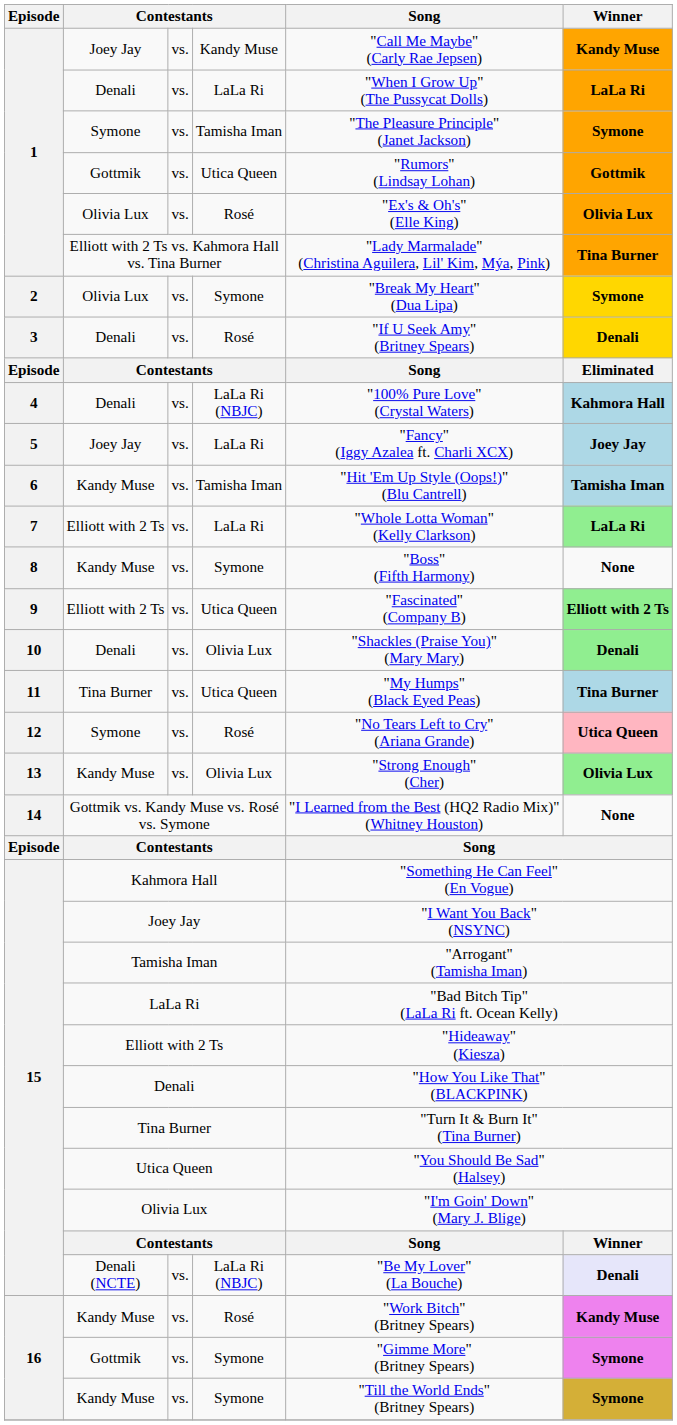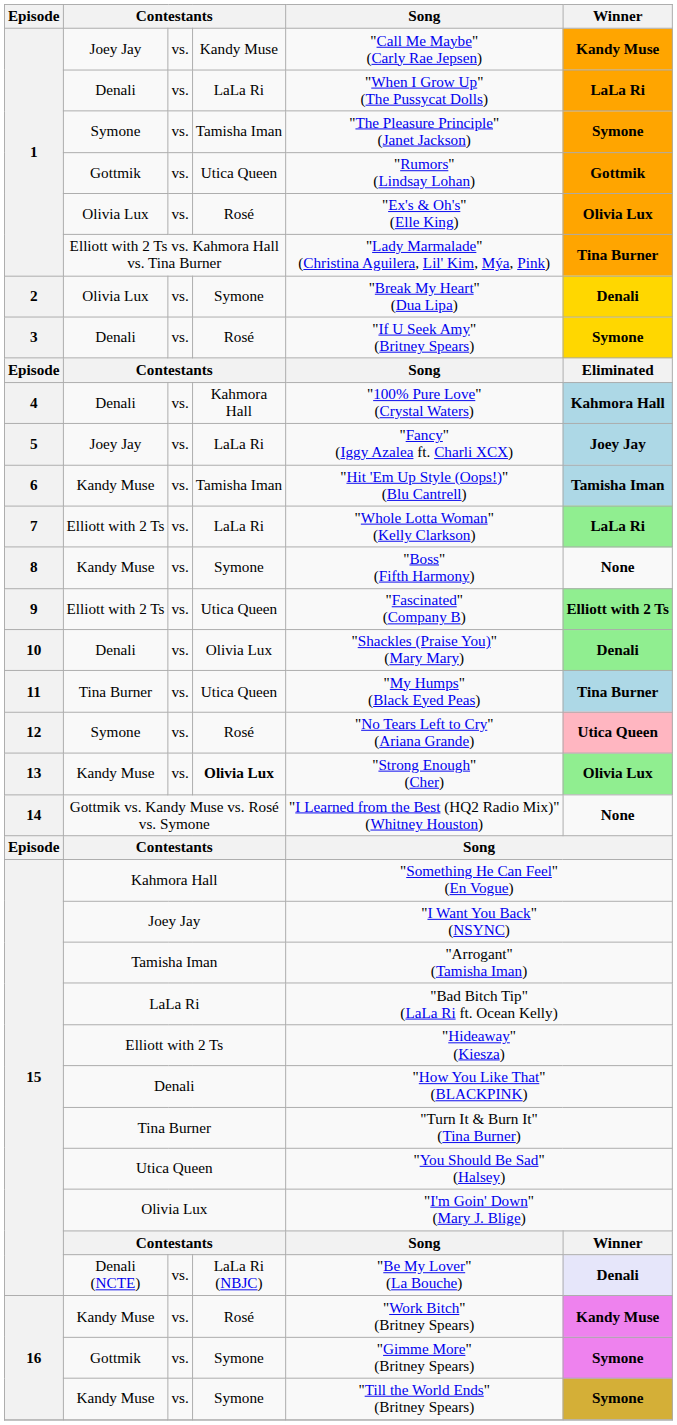 <table class="wikitable" style="text-align:center">
 <tr>
 <th scope="col">Episode</th>
 <th scope="col" colspan="3">Contestants</th>
 <th scope="col">Song</th>
 <th scope="col">Winner</th>
 </tr>
 <tr>
 <th scope="row" rowspan="6">1</th>
 <td>Joey Jay</td>
 <td>vs.</td>
 <td>Kandy Muse</td>
 <td>"<a href='#'>Call Me Maybe</a>"<br>(<a href='#'>Carly Rae Jepsen</a>)</td>
 <td bgcolor="orange"><strong>Kandy Muse</strong></td>
 </tr>
 <tr>
 <td>Denali</td>
 <td>vs.</td>
 <td>LaLa Ri</td>
 <td>"<a href='#'>When I Grow Up</a>"<br>(<a href='#'>The Pussycat Dolls</a>)</td>
 <td bgcolor="orange"><strong>LaLa Ri</strong></td>
 </tr>
 <tr>
 <td>Symone</td>
 <td>vs.</td>
 <td nowrap>Tamisha Iman</td>
 <td>"<a href='#'>The Pleasure Principle</a>"<br>(<a href='#'>Janet Jackson</a>)</td>
 <td bgcolor="orange"><strong>Symone</strong></td>
 </tr>
 <tr>
 <td>Gottmik</td>
 <td>vs.</td>
 <td>Utica Queen</td>
 <td>"<a href='#'>Rumors</a>"<br>(<a href='#'>Lindsay Lohan</a>)</td>
 <td bgcolor="orange"><strong>Gottmik</strong></td>
 </tr>
 <tr>
 <td>Olivia Lux</td>
 <td>vs.</td>
 <td>Rosé</td>
 <td>"<a href='#'>Ex's & Oh's</a>"<br>(<a href='#'>Elle King</a>)</td>
 <td bgcolor="orange"><strong>Olivia Lux</strong></td>
 </tr>
 <tr>
 <td colspan="3">Elliott with 2 Ts vs. Kahmora Hall vs. Tina Burner</td>
 <td nowrap>"<a href='#'>Lady Marmalade</a>"<br>(<a href='#'>Christina Aguilera</a>, <a href='#'>Lil' Kim</a>, <a href='#'>Mýa</a>, <a href='#'>Pink</a>)</td>
 <td bgcolor="orange"><strong>Tina Burner</strong></td>
 </tr>
 <tr>
 <th scope="row">2</th>
 <td>Olivia Lux</td>
 <td>vs.</td>
 <td>Symone</td>
 <td>"<a href='#'>Break My Heart</a>"<br>(<a href='#'>Dua Lipa</a>)</td>
-<td bgcolor="gold"><strong>Symone</strong></td>
+<td bgcolor="gold"><strong>Denali</strong></td>
 </tr>
 <tr>
 <th scope="row">3</th>
 <td>Denali</td>
 <td>vs.</td>
 <td>Rosé</td>
 <td>"<a href='#'>If U Seek Amy</a>"<br>(<a href='#'>Britney Spears</a>)</td>
-<td bgcolor="gold"><strong>Denali</strong></td>
+<td bgcolor="gold"><strong>Symone</strong></td>
 </tr>
 <tr>
 <th scope="col">Episode</th>
 <th scope="col" colspan="3">Contestants</th>
 <th scope="col">Song</th>
 <th scope="col">Eliminated</th>
 </tr>
 <tr>
 <th scope="row">4</th>
 <td>Denali</td>
 <td>vs.</td>
-<td>LaLa Ri<br>(<a href='#'>NBJC</a>)</td>
+<td>Kahmora Hall</td>
 <td>"<a href='#'>100% Pure Love</a>"<br>(<a href='#'>Crystal Waters</a>)</td>
 <td bgcolor="lightblue"><strong>Kahmora Hall</strong></td>
 </tr>
 <tr>
 <th scope="row">5</th>
 <td>Joey Jay</td>
 <td>vs.</td>
 <td>LaLa Ri</td>
 <td>"<a href='#'>Fancy</a>"<br>(<a href='#'>Iggy Azalea</a> ft. <a href='#'>Charli XCX</a>)</td>
 <td bgcolor="lightblue"><strong>Joey Jay</strong></td>
 </tr>
 <tr>
 <th scope="row">6</th>
 <td>Kandy Muse</td>
 <td>vs.</td>
 <td>Tamisha Iman</td>
 <td>"<a href='#'>Hit 'Em Up Style (Oops!)</a>"<br>(<a href='#'>Blu Cantrell</a>)</td>
 <td bgcolor="lightblue"><strong>Tamisha Iman</strong></td>
 </tr>
 <tr>
 <th scope="row">7</th>
 <td nowrap>Elliott with 2 Ts</td>
 <td>vs.</td>
 <td>LaLa Ri</td>
 <td>"<a href='#'>Whole Lotta Woman</a>"<br>(<a href='#'>Kelly Clarkson</a>)</td>
 <td bgcolor="lightgreen"><strong>LaLa Ri</strong></td>
 </tr>
 <tr>
 <th scope="row">8</th>
 <td>Kandy Muse</td>
 <td>vs.</td>
 <td>Symone</td>
 <td>"<a href='#'>Boss</a>"<br>(<a href='#'>Fifth Harmony</a>)</td>
 <td><strong>None</strong></td>
 </tr>
 <tr>
 <th scope="row">9</th>
 <td>Elliott with 2 Ts</td>
 <td>vs.</td>
 <td>Utica Queen</td>
 <td>"<a href='#'>Fascinated</a>" <br>(<a href='#'>Company B</a>)</td>
 <td nowrap bgcolor="lightgreen"><strong>Elliott with 2 Ts</strong></td>
 </tr>
 <tr>
 <th scope="row">10</th>
 <td>Denali</td>
 <td>vs.</td>
 <td>Olivia Lux</td>
 <td>"<a href='#'>Shackles (Praise You)</a>"<br>(<a href='#'>Mary Mary</a>)</td>
 <td bgcolor="lightgreen"><strong>Denali</strong></td>
 </tr>
 <tr>
 <th scope="row">11</th>
 <td>Tina Burner</td>
 <td>vs.</td>
 <td>Utica Queen</td>
 <td>"<a href='#'>My Humps</a>"<br>(<a href='#'>Black Eyed Peas</a>)</td>
 <td bgcolor="lightblue"><strong>Tina Burner</strong></td>
 </tr>
 <tr>
 <th scope="row">12</th>
 <td>Symone</td>
 <td>vs.</td>
 <td>Rosé</td>
 <td>"<a href='#'>No Tears Left to Cry</a>"<br>(<a href='#'>Ariana Grande</a>)</td>
 <td bgcolor="lightpink"><strong>Utica Queen</strong></td>
 </tr>
 <tr>
 <th scope="row">13</th>
 <td>Kandy Muse</td>
 <td>vs.</td>
-<td>Olivia Lux</td>
+<td><strong>Olivia Lux</strong></td>
 <td>"<a href='#'>Strong Enough</a>"<br>(<a href='#'>Cher</a>)</td>
 <td bgcolor="lightgreen"><strong>Olivia Lux</strong></td>
 </tr>
 <tr>
 <th scope="row">14</th>
 <td colspan="3">Gottmik vs. Kandy Muse vs. Rosé vs. Symone</td>
 <td nowrap>"<a href='#'>I Learned from the Best</a> (HQ2 Radio Mix)"<br>(<a href='#'>Whitney Houston</a>)</td>
 <td><strong>None</strong></td>
 </tr>
 <tr>
 <th scope="col">Episode</th>
 <th scope="col" colspan="3">Contestants</th>
 <th scope="col" colspan="2">Song</th>
 </tr>
 <tr>
 <th scope="row" rowspan="11">15</th>
 <td colspan="3">Kahmora Hall</td>
 <td colspan="2">"<a href='#'>Something He Can Feel</a>"<br>(<a href='#'>En Vogue</a>)</td>
 </tr>
 <tr>
 <td colspan="3">Joey Jay</td>
 <td colspan="2">"<a href='#'>I Want You Back</a>"<br>(<a href='#'>NSYNC</a>)</td>
 </tr>
 <tr>
 <td colspan="3">Tamisha Iman</td>
 <td colspan="2">"Arrogant"<br>(<a href='#'>Tamisha Iman</a>)</td>
 </tr>
 <tr>
 <td colspan="3">LaLa Ri</td>
 <td colspan="2">"Bad Bitch Tip"<br>(<a href='#'>LaLa Ri</a> ft. Ocean Kelly)</td>
 </tr>
 <tr>
 <td colspan="3">Elliott with 2 Ts</td>
 <td colspan="2">"<a href='#'>Hideaway</a>"<br>(<a href='#'>Kiesza</a>)</td>
 </tr>
 <tr>
 <td colspan="3">Denali</td>
 <td colspan="2">"<a href='#'>How You Like That</a>"<br>(<a href='#'>BLACKPINK</a>)</td>
 </tr>
 <tr>
 <td colspan="3">Tina Burner</td>
 <td colspan="2">"Turn It & Burn It"<br>(<a href='#'>Tina Burner</a>)</td>
 </tr>
 <tr>
 <td colspan="3">Utica Queen</td>
 <td colspan="2">"<a href='#'>You Should Be Sad</a>"<br>(<a href='#'>Halsey</a>)</td>
 </tr>
 <tr>
 <td colspan="3">Olivia Lux</td>
 <td colspan="2">"<a href='#'>I'm Goin' Down</a>"<br>(<a href='#'>Mary J. Blige</a>)</td>
 </tr>
 <tr>
 <th scope="col" colspan="3">Contestants</th>
 <th scope="col">Song</th>
 <th scope="col">Winner</th>
 </tr>
 <tr>
 <td>Denali<br>(<a href='#'>NCTE</a>)</td>
 <td>vs.</td>
 <td>LaLa Ri<br>(<a href='#'>NBJC</a>)</td>
 <td>"<a href='#'>Be My Lover</a>"<br>(<a href='#'>La Bouche</a>)</td>
 <td bgcolor="lavender"><strong>Denali</strong></td>
 </tr>
 <tr>
 <th rowspan="3" scope="row">16</th>
 <td>Kandy Muse</td>
 <td>vs.</td>
 <td>Rosé</td>
 <td>"<a href='#'>Work Bitch</a>"<br>(Britney Spears)</td>
 <td bgcolor="violet"><strong>Kandy Muse</strong></td>
 </tr>
 <tr>
 <td>Gottmik</td>
 <td>vs.</td>
 <td>Symone</td>
 <td>"<a href='#'>Gimme More</a>"<br>(Britney Spears)</td>
 <td bgcolor="violet"><strong>Symone</strong></td>
 </tr>
 <tr>
 <td>Kandy Muse</td>
 <td>vs.</td>
 <td>Symone</td>
 <td>"<a href='#'>Till the World Ends</a>"<br>(Britney Spears)</td>
 <td bgcolor="#D4AF37"><strong>Symone</strong></td>
 </tr>
 <tr>
 </tr>
 </table>
